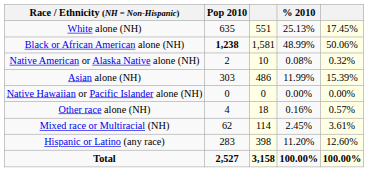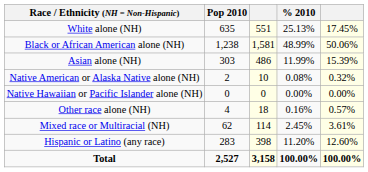 <table class="wikitable" style="text-align:center;">
 <tr>
 <th>Race / Ethnicity <small>(<em>NH = Non-Hispanic</em>)</small></th>
 <th>Pop 2010</th>
 <th></th>
 <th>% 2010</th>
 <th></th>
 </tr>
 <tr>
 <td><a href='#'>White</a> alone (NH)</td>
 <td>635</td>
 <td style='background: #ffffe6;'>551</td>
 <td>25.13%</td>
 <td style='background: #ffffe6;'>17.45%</td>
 </tr>
 <tr>
 <td><a href='#'>Black or African American</a> alone (NH)</td>
-<td><strong>1,238</strong></td>
+<td>1,238</td>
 <td style='background: #ffffe6;'>1,581</td>
 <td>48.99%</td>
 <td style='background: #ffffe6;'>50.06%</td>
+</tr>
+<tr>
+<td><a href='#'>Asian</a> alone (NH)</td>
+<td>303</td>
+<td style='background: #ffffe6;'>486</td>
+<td>11.99%</td>
+<td style='background: #ffffe6;'>15.39%</td>
 </tr>
 <tr>
 <td><a href='#'>Native American</a> or <a href='#'>Alaska Native</a> alone (NH)</td>
 <td>2</td>
 <td style='background: #ffffe6;'>10</td>
 <td>0.08%</td>
 <td style='background: #ffffe6;'>0.32%</td>
-</tr>
-<tr>
-<td><a href='#'>Asian</a> alone (NH)</td>
-<td>303</td>
-<td style='background: #ffffe6;'>486</td>
-<td>11.99%</td>
-<td style='background: #ffffe6;'>15.39%</td>
 </tr>
 <tr>
 <td><a href='#'>Native Hawaiian</a> or <a href='#'>Pacific Islander</a> alone (NH)</td>
 <td>0</td>
 <td style='background: #ffffe6;'>0</td>
 <td>0.00%</td>
 <td style='background: #ffffe6;'>0.00%</td>
 </tr>
 <tr>
 <td><a href='#'>Other race</a> alone (NH)</td>
 <td>4</td>
 <td style='background: #ffffe6;'>18</td>
 <td>0.16%</td>
 <td style='background: #ffffe6;'>0.57%</td>
 </tr>
 <tr>
 <td><a href='#'>Mixed race or Multiracial</a> (NH)</td>
 <td>62</td>
 <td style='background: #ffffe6;'>114</td>
 <td>2.45%</td>
 <td style='background: #ffffe6;'>3.61%</td>
 </tr>
 <tr>
 <td><a href='#'>Hispanic or Latino</a> (any race)</td>
 <td>283</td>
 <td style='background: #ffffe6;'>398</td>
 <td>11.20%</td>
 <td style='background: #ffffe6;'>12.60%</td>
 </tr>
 <tr>
 <td><strong>Total</strong></td>
 <td><strong>2,527</strong></td>
 <td style='background: #ffffe6;'><strong>3,158</strong></td>
 <td><strong>100.00%</strong></td>
 <td style='background: #ffffe6;'><strong>100.00%</strong></td>
 </tr>
 </table>
